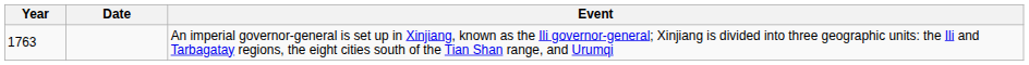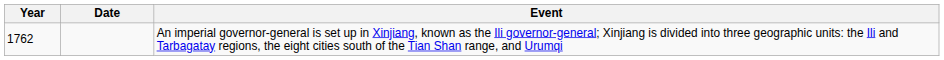 <table class="wikitable" width="100%">
 <tr>
 <th style="width:6%">Year</th>
 <th style="width:10%">Date</th>
 <th>Event</th>
 </tr>
 <tr>
-<td>1763</td>
+<td>1762</td>
 <td></td>
 <td>An imperial governor-general is set up in <a href='#'>Xinjiang</a>, known as the <a href='#'>Ili governor-general</a>; Xinjiang is divided into three geographic units: the <a href='#'>Ili</a> and <a href='#'>Tarbagatay</a> regions, the eight cities south of the <a href='#'>Tian Shan</a> range, and <a href='#'>Urumqi</a></td>
 </tr>
 </table>
